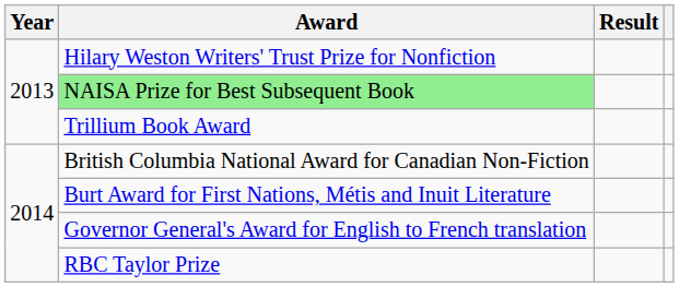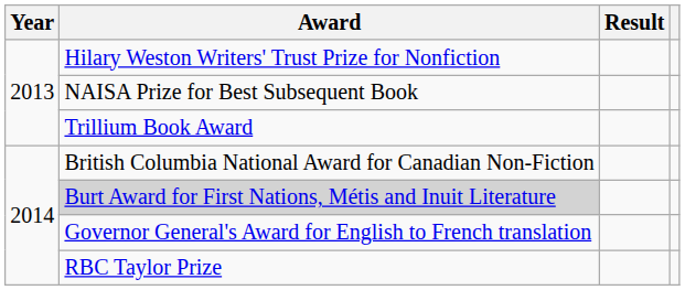 <table class="wikitable sortable mw-collapsible">
 <tr>
 <th>Year</th>
 <th>Award</th>
 <th>Result</th>
 <th></th>
 </tr>
 <tr>
 <td rowspan="3">2013</td>
 <td><a href='#'>Hilary Weston Writers' Trust Prize for Nonfiction</a></td>
 <td></td>
 <td></td>
 </tr>
 <tr>
-<td style="background: lightgreen;">NAISA Prize for Best Subsequent Book</td>
+<td>NAISA Prize for Best Subsequent Book</td>
 <td></td>
 <td></td>
 </tr>
 <tr>
 <td><a href='#'>Trillium Book Award</a></td>
 <td></td>
 <td></td>
 </tr>
 <tr>
 <td rowspan="4">2014</td>
 <td>British Columbia National Award for Canadian Non-Fiction</td>
 <td></td>
 <td></td>
 </tr>
 <tr>
-<td><a href='#'>Burt Award for First Nations, Métis and Inuit Literature</a></td>
+<td style="background: lightgrey;"><a href='#'>Burt Award for First Nations, Métis and Inuit Literature</a></td>
 <td></td>
 <td></td>
 </tr>
 <tr>
 <td><a href='#'>Governor General's Award for English to French translation</a></td>
 <td></td>
 <td></td>
 </tr>
 <tr>
 <td><a href='#'>RBC Taylor Prize</a></td>
 <td></td>
 <td></td>
 </tr>
 </table>
